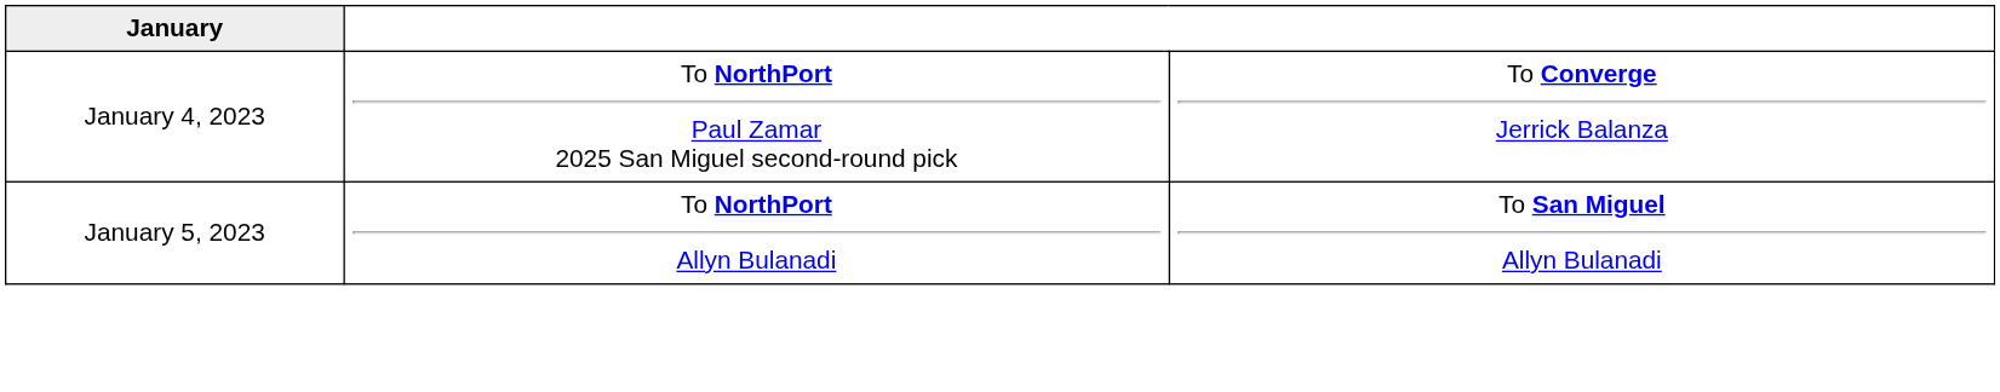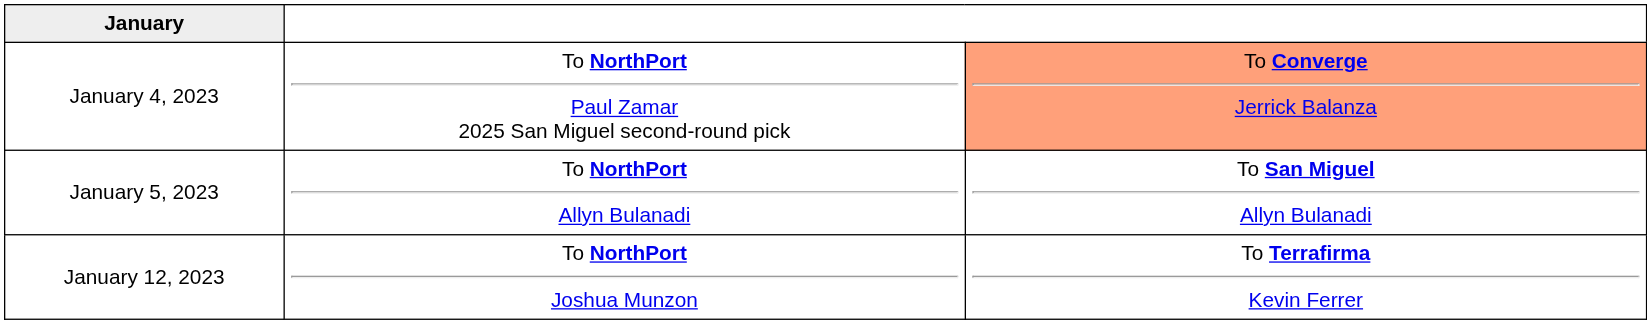 <table border=1 style="border-collapse:collapse; text-align: center; width: 100%" bordercolor="#000000"  cellpadding="5">
 <tr bgcolor="eeeeee">
 <th>January</th>
 </tr>
 <tr>
 <td style="width:12%">January 4, 2023</td>
 <td style="width:29.3%" valign="top">To <strong><a href='#'>NorthPort</a></strong><hr><a href='#'>Paul Zamar</a><br>2025 San Miguel second-round pick</td>
-<td style="width:29.3%" valign="top">To <strong><a href='#'>Converge</a></strong><hr><a href='#'>Jerrick Balanza</a></td>
+<td style="background: lightsalmon; width:29.3%" valign="top">To <strong><a href='#'>Converge</a></strong><hr><a href='#'>Jerrick Balanza</a></td>
 </tr>
 <tr>
 <td style="width:12%">January 5, 2023</td>
 <td style="width:29.3%" valign="top">To <strong><a href='#'>NorthPort</a></strong><hr><a href='#'>Allyn Bulanadi</a></td>
 <td style="width:29.3%" valign="top">To <strong><a href='#'>San Miguel</a></strong><hr><a href='#'>Allyn Bulanadi</a></td>
 </tr>
+<tr>
+<td style="width:12%">January 12, 2023</td>
+<td style="width:29.3%" valign="top">To <strong><a href='#'>NorthPort</a></strong><hr><a href='#'>Joshua Munzon</a></td>
+<td style="width:29.3%" valign="top">To <strong><a href='#'>Terrafirma</a></strong><hr><a href='#'>Kevin Ferrer</a></td>
+</tr>
 </table>
